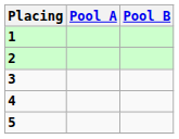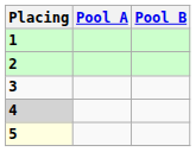 <table class=wikitable style="border:1px solid #AAAAAA;">
 <tr>
 <th>Placing</th>
 <th><a href='#'>Pool A</a></th>
 <th><a href='#'>Pool B</a></th>
 </tr>
 <tr style="background: #ccffcc;">
 <td><strong>1</strong></td>
 <td></td>
 <td></td>
 </tr>
 <tr style="background: #ccffcc;">
 <td><strong>2</strong></td>
 <td></td>
 <td></td>
 </tr>
 <tr>
 <td><strong>3</strong></td>
 <td></td>
 <td></td>
 </tr>
 <tr>
-<td><strong>4</strong></td>
+<td style="background: lightgrey;"><strong>4</strong></td>
 <td></td>
 <td></td>
 </tr>
 <tr>
-<td><strong>5</strong></td>
+<td style="background: lightyellow;"><strong>5</strong></td>
 <td> </td>
 <td></td>
 </tr>
 <tr>
 </tr>
 </table>
